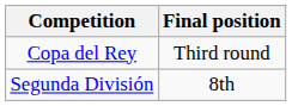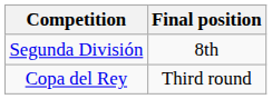 <table class="wikitable" style="font-size:100%; text-align:center">
 <tr>
 <th>Competition</th>
 <th>Final position</th>
 </tr>
 <tr style="background:">
+<td><a href='#'>Segunda División</a></td>
+<td>8th</td>
+</tr>
+<tr style="background:">
 <td><a href='#'>Copa del Rey</a></td>
 <td>Third round</td>
 </tr>
-<tr style="background:">
-<td><a href='#'>Segunda División</a></td>
-<td>8th</td>
-</tr>
 </table>
